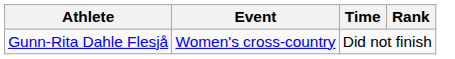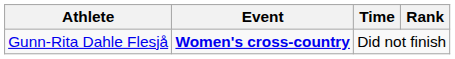 <table class="wikitable" style="font-size:90%">
 <tr>
 <th>Athlete</th>
 <th>Event</th>
 <th>Time</th>
 <th>Rank</th>
 </tr>
 <tr align=center>
 <td align=left><a href='#'>Gunn-Rita Dahle Flesjå</a></td>
-<td align=left><a href='#'>Women's cross-country</a></td>
+<td align=left><strong><a href='#'>Women's cross-country</a></strong></td>
 <td colspan=2>Did not finish</td>
 </tr>
 </table>
